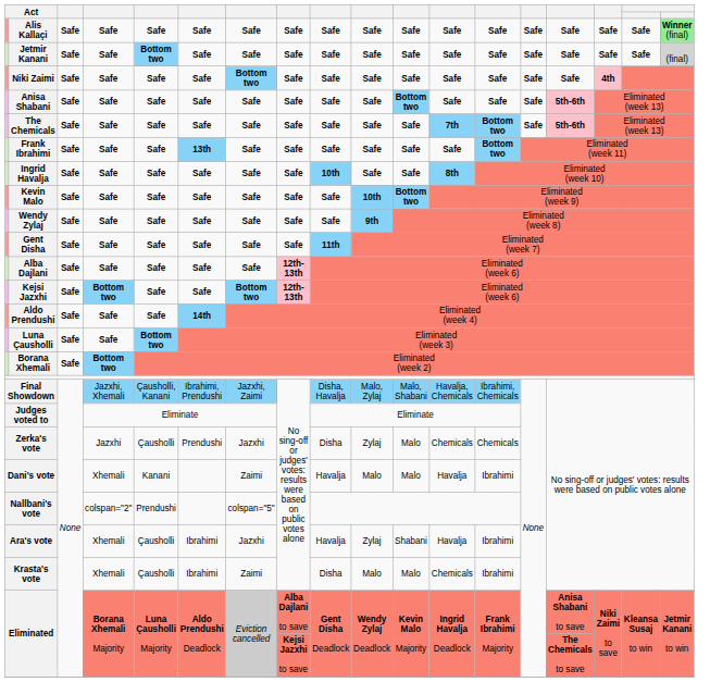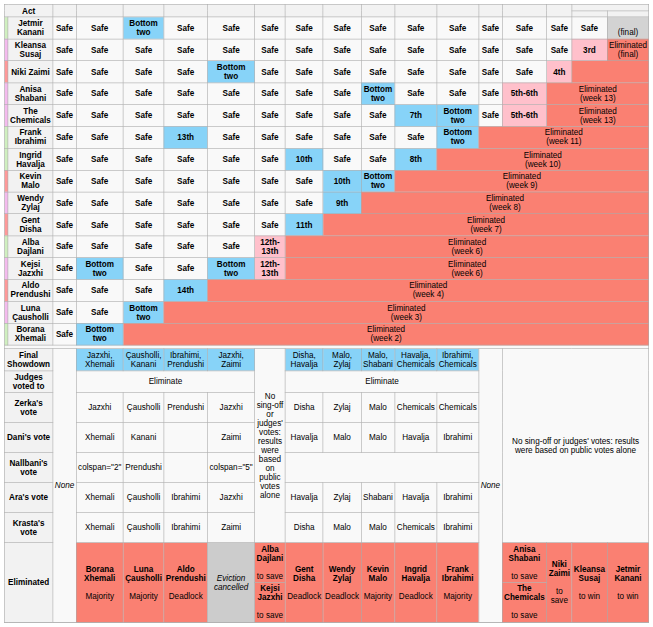 <table class="wikitable" style="text-align:center; font-size:85%">
 <tr>
 <th style="width:10%" colspan="2" rowspan="2" scope="col">Act</th>
 <th style="width:6%" rowspan="2" scope="col"></th>
 <th style="width:6%" rowspan="2" scope="col"></th>
 <th style="width:6%" rowspan="2" scope="col"></th>
 <th style="width:6%" rowspan="2" scope="col"></th>
 <th style="width:6%" rowspan="2" scope="col"></th>
 <th style="width:6%" rowspan="2" scope="col"></th>
 <th style="width:6%" rowspan="2" scope="col"></th>
 <th style="width:6%" rowspan="2" scope="col"></th>
 <th style="width:6%" rowspan="2" scope="col"></th>
 <th style="width:6%" rowspan="2" scope="col"></th>
 <th style="width:6%" rowspan="2" scope="col"></th>
 <th style="width:6%" rowspan="2" scope="col"></th>
 <th style="width:6%" rowspan="2" scope="col"></th>
 <th style="width:6%" rowspan="2" scope="col"></th>
 <th style="width:6%" colspan="2" scope="col"></th>
 </tr>
 <tr>
 <th scope="col"></th>
 <th scope="col"></th>
 </tr>
 <tr>
-<th style="background:#ff9999"></th>
-<th scope="row">Alis Kallaçi</th>
-<td><strong>Safe</strong></td>
-<td><strong>Safe</strong></td>
-<td><strong>Safe</strong></td>
-<td><strong>Safe</strong></td>
-<td><strong>Safe</strong></td>
-<td><strong>Safe</strong></td>
-<td><strong>Safe</strong></td>
-<td><strong>Safe</strong></td>
-<td><strong>Safe</strong></td>
-<td><strong>Safe</strong></td>
-<td><strong>Safe</strong></td>
-<td><strong>Safe</strong></td>
-<td><strong>Safe</strong></td>
-<td><strong>Safe</strong></td>
-<td><strong>Safe</strong></td>
-<td style="background:lightgreen"><strong>Winner</strong><br>(final)</td>
-</tr>
-<tr>
 <th style="background:#d0f0c0"></th>
 <th scope="row">Jetmir Kanani</th>
 <td><strong>Safe</strong></td>
 <td><strong>Safe</strong></td>
 <td style="background:#87d3f8;"><strong>Bottom two</strong></td>
 <td><strong>Safe</strong></td>
 <td><strong>Safe</strong></td>
 <td><strong>Safe</strong></td>
 <td><strong>Safe</strong></td>
 <td><strong>Safe</strong></td>
 <td><strong>Safe</strong></td>
 <td><strong>Safe</strong></td>
 <td><strong>Safe</strong></td>
 <td><strong>Safe</strong></td>
 <td><strong>Safe</strong></td>
 <td><strong>Safe</strong></td>
 <td><strong>Safe</strong></td>
 <td style="background:lightgrey;"><br>(final)</td>
+</tr>
+<tr>
+<th style="background:#f4bbee"></th>
+<th scope="row">Kleansa Susaj</th>
+<td><strong>Safe</strong></td>
+<td><strong>Safe</strong></td>
+<td><strong>Safe</strong></td>
+<td><strong>Safe</strong></td>
+<td><strong>Safe</strong></td>
+<td><strong>Safe</strong></td>
+<td><strong>Safe</strong></td>
+<td><strong>Safe</strong></td>
+<td><strong>Safe</strong></td>
+<td><strong>Safe</strong></td>
+<td><strong>Safe</strong></td>
+<td><strong>Safe</strong></td>
+<td><strong>Safe</strong></td>
+<td><strong>Safe</strong></td>
+<td style="background:pink"><strong>3rd</strong></td>
+<td style="background:salmon">Eliminated<br>(final)</td>
 </tr>
 <tr>
 <th style="background:#ff9999"></th>
 <th scope="row">Niki Zaimi</th>
 <td><strong>Safe</strong></td>
 <td><strong>Safe</strong></td>
 <td><strong>Safe</strong></td>
 <td><strong>Safe</strong></td>
 <td style="background:#87d3f8;"><strong>Bottom two</strong></td>
 <td><strong>Safe</strong></td>
 <td><strong>Safe</strong></td>
 <td><strong>Safe</strong></td>
 <td><strong>Safe</strong></td>
 <td><strong>Safe</strong></td>
 <td><strong>Safe</strong></td>
 <td><strong>Safe</strong></td>
 <td><strong>Safe</strong></td>
 <td style="background:pink;"><strong>4th</strong></td>
 <td colspan="2" style="background:salmon;"></td>
 </tr>
 <tr>
 <th style="background:#f4bbee"></th>
 <th scope="row">Anisa Shabani</th>
 <td><strong>Safe</strong></td>
 <td><strong>Safe</strong></td>
 <td><strong>Safe</strong></td>
 <td><strong>Safe</strong></td>
 <td><strong>Safe</strong></td>
 <td><strong>Safe</strong></td>
 <td><strong>Safe</strong></td>
 <td><strong>Safe</strong></td>
 <td style="background:#87d3f8;"><strong>Bottom two</strong></td>
 <td><strong>Safe</strong></td>
 <td><strong>Safe</strong></td>
 <td><strong>Safe</strong></td>
 <td style="background:pink;"><strong>5th-6th</strong></td>
 <td colspan="3" style="background:salmon;">Eliminated<br>(week 13)</td>
 </tr>
 <tr>
 <th style="background:#f4bbee"></th>
 <th scope="row">The Chemicals</th>
 <td><strong>Safe</strong></td>
 <td><strong>Safe</strong></td>
 <td><strong>Safe</strong></td>
 <td><strong>Safe</strong></td>
 <td><strong>Safe</strong></td>
 <td><strong>Safe</strong></td>
 <td><strong>Safe</strong></td>
 <td><strong>Safe</strong></td>
 <td><strong>Safe</strong></td>
 <td style="background:#87d3f8;"><strong>7th</strong></td>
 <td style="background:#87d3f8;"><strong>Bottom two</strong></td>
 <td><strong>Safe</strong></td>
 <td style="background:pink;"><strong>5th-6th</strong></td>
 <td colspan="3" style="background:salmon;">Eliminated<br>(week 13)</td>
 </tr>
 <tr>
 <th style="background:#d0f0c0"></th>
 <th scope="row">Frank Ibrahimi</th>
 <td><strong>Safe</strong></td>
 <td><strong>Safe</strong></td>
 <td><strong>Safe</strong></td>
 <td style="background:#87d3f8;"><strong>13th</strong></td>
 <td><strong>Safe</strong></td>
 <td><strong>Safe</strong></td>
 <td><strong>Safe</strong></td>
 <td><strong>Safe</strong></td>
 <td><strong>Safe</strong></td>
 <td><strong>Safe</strong></td>
 <td style="background:#87d3f8;"><strong>Bottom two</strong></td>
 <td colspan="5" style="background:salmon;">Eliminated<br>(week 11)</td>
 </tr>
 <tr>
 <th style="background:#d0f0c0"></th>
 <th scope="row">Ingrid Havalja</th>
 <td><strong>Safe</strong></td>
 <td><strong>Safe</strong></td>
 <td><strong>Safe</strong></td>
 <td><strong>Safe</strong></td>
 <td><strong>Safe</strong></td>
 <td><strong>Safe</strong></td>
 <td style="background:#87d3f8;"><strong>10th</strong></td>
 <td><strong>Safe</strong></td>
 <td><strong>Safe</strong></td>
 <td style="background:#87d3f8;"><strong>8th</strong></td>
 <td colspan="6" style="background:salmon;">Eliminated<br>(week 10)</td>
 </tr>
 <tr>
 <th style="background:#ff9999"></th>
 <th scope="row">Kevin Malo</th>
 <td><strong>Safe</strong></td>
 <td><strong>Safe</strong></td>
 <td><strong>Safe</strong></td>
 <td><strong>Safe</strong></td>
 <td><strong>Safe</strong></td>
 <td><strong>Safe</strong></td>
 <td><strong>Safe</strong></td>
 <td style="background:#87d3f8;"><strong>10th</strong></td>
 <td style="background:#87d3f8;"><strong>Bottom two</strong></td>
 <td colspan="7" style="background:salmon;">Eliminated<br>(week 9)</td>
 </tr>
 <tr>
 <th style="background:#f4bbee"></th>
 <th scope="row">Wendy Zylaj</th>
 <td><strong>Safe</strong></td>
 <td><strong>Safe</strong></td>
 <td><strong>Safe</strong></td>
 <td><strong>Safe</strong></td>
 <td><strong>Safe</strong></td>
 <td><strong>Safe</strong></td>
 <td><strong>Safe</strong></td>
 <td style="background:#87d3f8;"><strong>9th</strong></td>
 <td colspan="8" style="background:salmon;">Eliminated<br>(week 8)</td>
 </tr>
 <tr>
 <th style="background:#ff9999"></th>
 <th scope="row">Gent Disha</th>
 <td><strong>Safe</strong></td>
 <td><strong>Safe</strong></td>
 <td><strong>Safe</strong></td>
 <td><strong>Safe</strong></td>
 <td><strong>Safe</strong></td>
 <td><strong>Safe</strong></td>
 <td style="background:#87d3f8;"><strong>11th</strong></td>
 <td colspan="9" style="background:salmon;">Eliminated<br>(week 7)</td>
 </tr>
 <tr>
 <th style="background:#d0f0c0"></th>
 <th scope="row">Alba Dajlani</th>
 <td><strong>Safe</strong></td>
 <td><strong>Safe</strong></td>
 <td><strong>Safe</strong></td>
 <td><strong>Safe</strong></td>
 <td><strong>Safe</strong></td>
 <td style="background:pink;"><strong>12th-13th</strong></td>
 <td colspan="10" style="background:salmon;">Eliminated<br>(week 6)</td>
 </tr>
 <tr>
 <th style="background:#f4bbee"></th>
 <th scope="row">Kejsi Jazxhi</th>
 <td><strong>Safe</strong></td>
 <td style="background:#87d3f8;"><strong>Bottom two</strong></td>
 <td><strong>Safe</strong></td>
 <td><strong>Safe</strong></td>
 <td style="background:#87d3f8;"><strong>Bottom two</strong></td>
 <td style="background:pink;"><strong>12th-13th</strong></td>
 <td colspan="10" style="background:salmon;">Eliminated<br>(week 6)</td>
 </tr>
 <tr>
 <th style="background:#ff9999"></th>
 <th scope="row">Aldo Prendushi</th>
 <td><strong>Safe</strong></td>
 <td><strong>Safe</strong></td>
 <td><strong>Safe</strong></td>
 <td style="background:#87d3f8;"><strong>14th</strong></td>
 <td colspan="12" style="background:salmon;">Eliminated<br>(week 4)</td>
 </tr>
 <tr>
 <th style="background:#f4bbee"></th>
 <th scope="row">Luna Çausholli</th>
 <td><strong>Safe</strong></td>
 <td><strong>Safe</strong></td>
 <td style="background:#87d3f8;"><strong>Bottom two</strong></td>
 <td colspan="13" style="background:salmon;">Eliminated<br>(week 3)</td>
 </tr>
 <tr>
 <th style="background:#d0f0c0"></th>
 <th scope="row">Borana Xhemali</th>
 <td><strong>Safe</strong></td>
 <td style="background:#87d3f8;"><strong>Bottom two</strong></td>
 <td colspan="14" style="background:salmon;">Eliminated<br>(week 2)</td>
 </tr>
 <tr>
 <td colspan="18"></td>
 </tr>
 <tr>
 <th scope="row" colspan=2>Final Showdown</th>
 <td rowspan="9"><em>None</em> </td>
 <td style="background:#87d3f8;">Jazxhi,<br>Xhemali</td>
 <td style="background:#87d3f8;">Çausholli,<br>Kanani</td>
 <td style="background:#87d3f8;">Ibrahimi,<br>Prendushi</td>
 <td style="background:#87d3f8;">Jazxhi,<br>Zaimi</td>
 <td rowspan="7">No sing-off or judges' votes: results were based on public votes alone</td>
 <td style="background:#87d3f8;">Disha,<br>Havalja</td>
 <td style="background:#87d3f8;">Malo,<br>Zylaj</td>
 <td style="background:#87d3f8;">Malo,<br>Shabani</td>
 <td style="background:#87d3f8;">Havalja,<br>Chemicals</td>
 <td style="background:#87d3f8;">Ibrahimi,<br>Chemicals</td>
 <td rowspan="9"><em>None</em> </td>
 <td rowspan="7" colspan="4">No sing-off or judges' votes: results were based on public votes alone</td>
 </tr>
 <tr>
 <th scope="row" colspan="2">Judges voted to</th>
 <td colspan="4">Eliminate</td>
 <td colspan="5">Eliminate</td>
 </tr>
 <tr style="height:50px">
 <th scope="row" colspan=2>Zerka's vote</th>
 <td>Jazxhi</td>
 <td>Çausholli</td>
 <td>Prendushi</td>
 <td>Jazxhi</td>
 <td>Disha</td>
 <td>Zylaj</td>
 <td>Malo</td>
 <td>Chemicals</td>
 <td>Chemicals</td>
 </tr>
 <tr style="height:50px">
 <th scope="row" colspan=2>Dani's vote</th>
 <td>Xhemali</td>
 <td>Kanani</td>
 <td></td>
 <td>Zaimi</td>
 <td>Havalja</td>
 <td>Malo</td>
 <td>Malo</td>
 <td>Havalja</td>
 <td>Ibrahimi</td>
 </tr>
 <tr style="height:50px">
 <th scope="row" colspan=2>Nallbani's vote</th>
 <td>colspan="2" </td>
 <td>Prendushi</td>
 <td></td>
 <td>colspan="5" </td>
 </tr>
 <tr style="height:50px">
 <th scope="row" colspan=2>Ara's vote</th>
 <td>Xhemali</td>
 <td>Çausholli</td>
 <td>Ibrahimi</td>
 <td>Jazxhi</td>
 <td>Havalja</td>
 <td>Zylaj</td>
 <td>Shabani</td>
 <td>Havalja</td>
 <td>Ibrahimi</td>
 </tr>
 <tr style="height:50px">
 <th scope="row" colspan=2>Krasta's vote</th>
 <td>Xhemali</td>
 <td>Çausholli</td>
 <td>Ibrahimi</td>
 <td>Zaimi</td>
 <td>Disha</td>
 <td>Malo</td>
 <td>Malo</td>
 <td>Chemicals</td>
 <td>Ibrahimi</td>
 </tr>
 <tr>
 <th colspan="2" rowspan="2" scope="row">Eliminated</th>
 <td rowspan="2" style="background:salmon;"><strong>Borana Xhemali</strong><br><br>Majority</td>
 <td rowspan="2" style="background:salmon;"><strong>Luna Çausholli</strong><br><br>Majority</td>
 <td rowspan="2" style="background:salmon;"><strong>Aldo Prendushi</strong><br><br>Deadlock</td>
 <td rowspan="2" style="background:#CCC"><em>Eviction<br>cancelled</em> </td>
 <td style="background:salmon;"><strong>Alba Dajlani</strong><br><br>to save</td>
 <td rowspan="2" style="background:salmon;"><strong>Gent Disha</strong><br><br>Deadlock</td>
 <td rowspan="2" style="background:salmon;"><strong>Wendy Zylaj</strong><br><br>Deadlock</td>
 <td rowspan="2" style="background:salmon;"><strong>Kevin Malo</strong><br><br>Majority</td>
 <td rowspan="2" style="background:salmon;"><strong>Ingrid Havalja</strong><br><br>Deadlock</td>
 <td rowspan="2" style="background:salmon;"><strong>Frank Ibrahimi</strong><br><br>Majority</td>
 <td style="background:salmon;"><strong>Anisa Shabani</strong><br><br>to save</td>
 <td rowspan="2" style="background:salmon;"><strong>Niki Zaimi</strong><br><br>to save</td>
 <td rowspan="2" style="background:salmon;"><strong>Kleansa Susaj</strong><br><br>to win</td>
 <td rowspan="2" style="background:salmon;"><strong>Jetmir Kanani</strong><br><br>to win</td>
 </tr>
 <tr>
 <td style="background:salmon;"><strong>Kejsi Jazxhi</strong><br><br>to save</td>
 <td style="background:salmon;"><strong>The Chemicals</strong><br><br>to save</td>
 </tr>
 <tr>
 </tr>
 </table>
